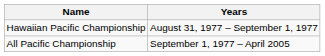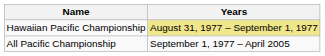 <table class="wikitable">
 <tr>
 <th>Name</th>
 <th>Years</th>
 </tr>
 <tr>
 <td>Hawaiian Pacific Championship</td>
-<td>August 31, 1977 – September 1, 1977</td>
+<td style="background: khaki;">August 31, 1977 – September 1, 1977</td>
 </tr>
 <tr>
 <td>All Pacific Championship</td>
 <td>September 1, 1977 – April 2005</td>
 </tr>
 </table>
